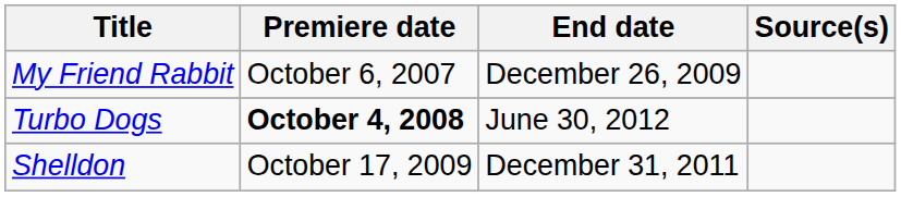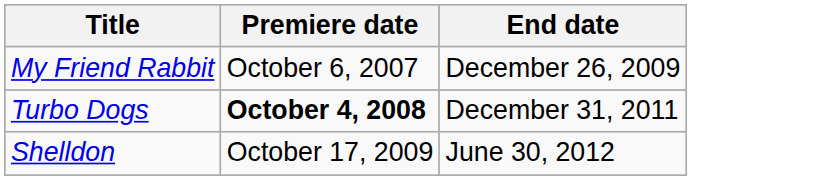 <table class="wikitable sortable">
 <tr>
 <th>Title</th>
 <th>Premiere date</th>
 <th>End date</th>
-<th>Source(s)</th>
 </tr>
 <tr>
 <td><em><a href='#'>My Friend Rabbit</a></em></td>
 <td>October 6, 2007</td>
 <td>December 26, 2009</td>
-<td></td>
 </tr>
 <tr>
 <td><em><a href='#'>Turbo Dogs</a></em></td>
 <td><strong>October 4, 2008</strong></td>
-<td>June 30, 2012</td>
-<td></td>
+<td>December 31, 2011</td>
 </tr>
 <tr>
 <td><em><a href='#'>Shelldon</a></em></td>
 <td>October 17, 2009</td>
-<td>December 31, 2011</td>
-<td></td>
+<td>June 30, 2012</td>
 </tr>
 </table>
